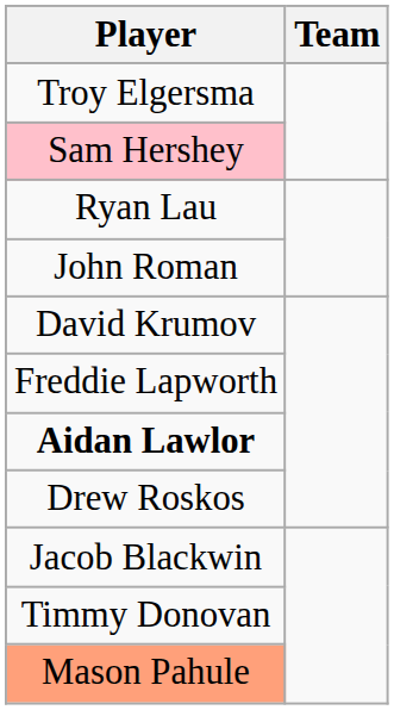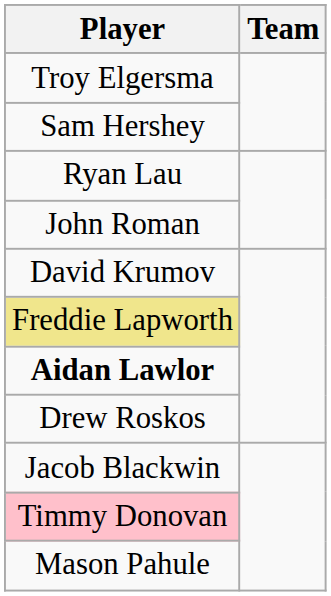 <table class="wikitable" style="text-align: center;">
 <tr>
 <th>Player</th>
 <th>Team</th>
 </tr>
 <tr>
 <td>Troy Elgersma</td>
 <td rowspan=2></td>
 </tr>
 <tr>
-<td style="background: pink;">Sam Hershey</td>
+<td>Sam Hershey</td>
 </tr>
 <tr>
 <td>Ryan Lau</td>
 <td rowspan=2></td>
 </tr>
 <tr>
 <td>John Roman</td>
 </tr>
 <tr>
 <td>David Krumov</td>
 <td rowspan=4></td>
 </tr>
 <tr>
-<td>Freddie Lapworth</td>
+<td style="background: khaki;">Freddie Lapworth</td>
 </tr>
 <tr>
 <td><strong>Aidan Lawlor</strong></td>
 </tr>
 <tr>
 <td>Drew Roskos</td>
 </tr>
 <tr>
 <td>Jacob Blackwin</td>
 <td rowspan=3></td>
 </tr>
 <tr>
-<td>Timmy Donovan</td>
+<td style="background: pink;">Timmy Donovan</td>
 </tr>
 <tr>
-<td style="background: lightsalmon;">Mason Pahule</td>
+<td>Mason Pahule</td>
 </tr>
 </table>
